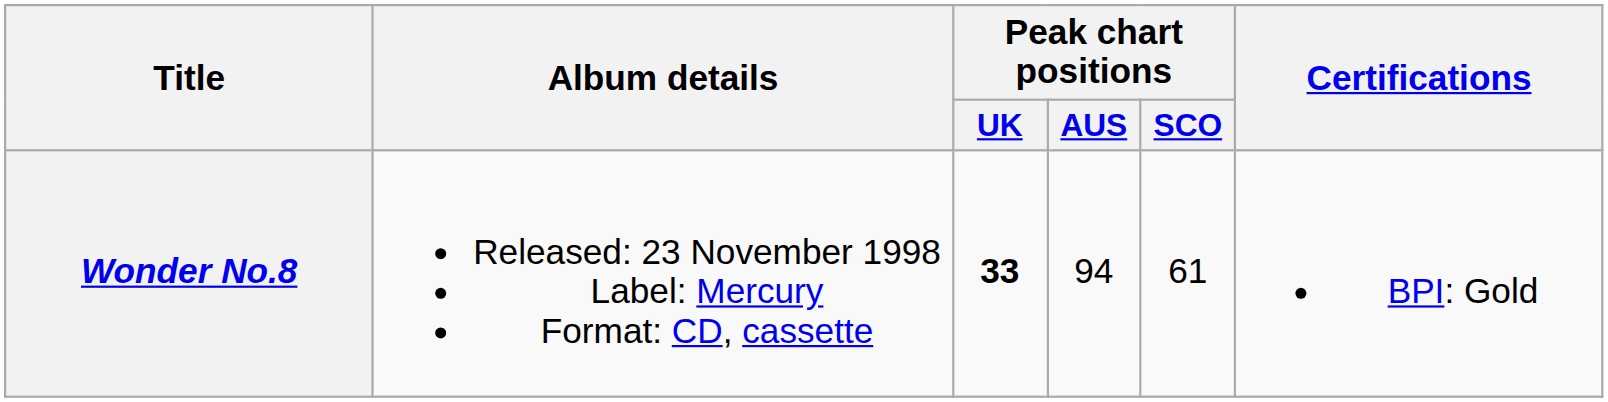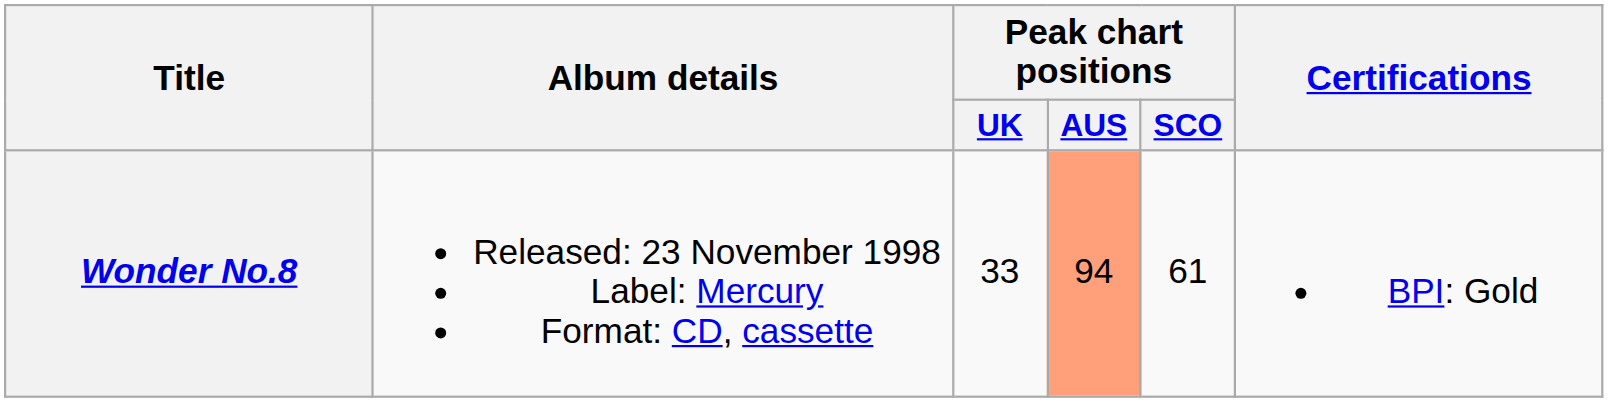 <table class="wikitable plainrowheaders" style="text-align:center;" border="1">
 <tr>
 <th scope="col" rowspan="2" style="width:10em;">Title</th>
 <th scope="col" rowspan="2" style="width:16em;">Album details</th>
 <th scope="col" colspan="3">Peak chart<br>positions</th>
 <th scope="col" rowspan="2" style="width:10em;"><a href='#'>Certifications</a></th>
 </tr>
 <tr>
 <th scope="col" style="width:2.5em;font-size:90%;"><a href='#'>UK</a><br></th>
 <th scope="col" style="width:2.5em;font-size:90%;"><a href='#'>AUS</a><br></th>
 <th scope="col" style="width:2.5em;font-size:90%;"><a href='#'>SCO</a><br></th>
 </tr>
 <tr>
 <th scope="row"><em><a href='#'>Wonder No.8</a></em></th>
 <td><br><ul><li>Released: 23 November 1998</li><li>Label: <a href='#'>Mercury</a></li><li>Format: <a href='#'>CD</a>, <a href='#'>cassette</a></li></ul></td>
-<td><strong>33</strong></td>
-<td>94</td>
+<td>33</td>
+<td style="background: lightsalmon;">94</td>
 <td>61</td>
 <td><br><ul><li><a href='#'>BPI</a>: Gold</li></ul></td>
 </tr>
 </table>
